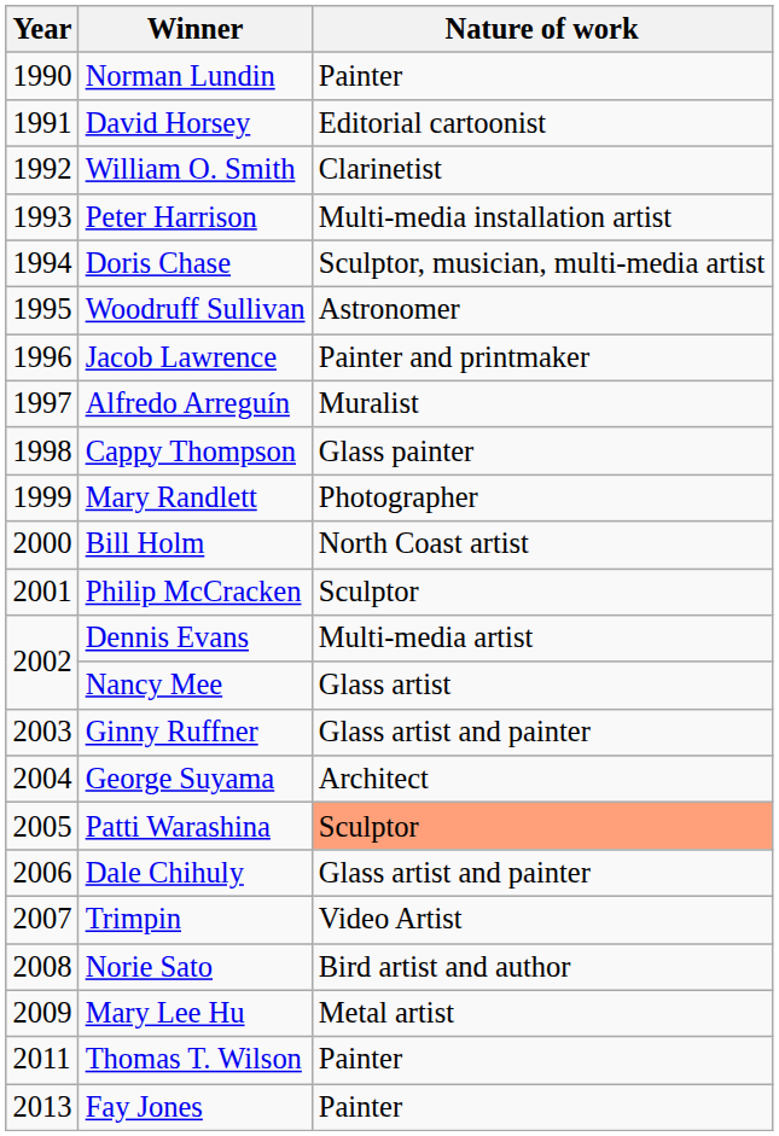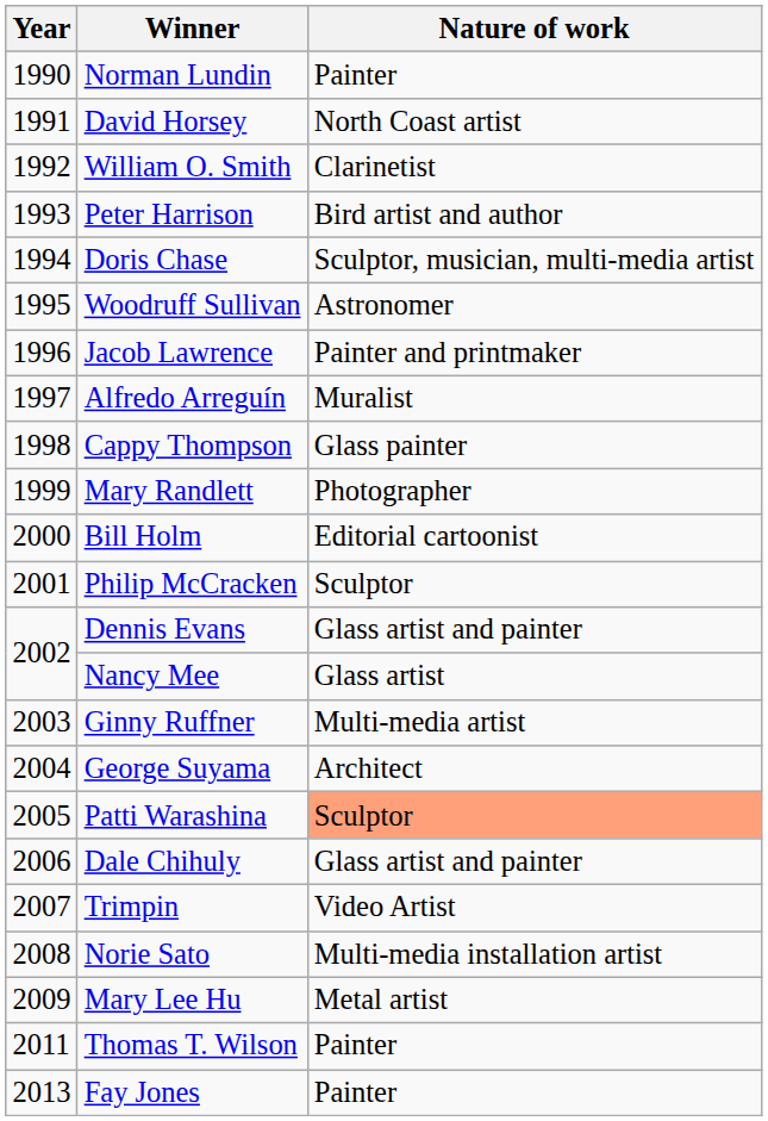 <table class="wikitable">
 <tr>
 <th>Year</th>
 <th>Winner</th>
 <th>Nature of work</th>
 </tr>
 <tr>
 <td>1990</td>
 <td><a href='#'>Norman Lundin</a></td>
 <td>Painter</td>
 </tr>
 <tr>
 <td>1991</td>
 <td><a href='#'>David Horsey</a></td>
-<td>Editorial cartoonist</td>
+<td>North Coast artist</td>
 </tr>
 <tr>
 <td>1992</td>
 <td><a href='#'>William O. Smith</a></td>
 <td>Clarinetist</td>
 </tr>
 <tr>
 <td>1993</td>
 <td><a href='#'>Peter Harrison</a></td>
-<td>Multi-media installation artist</td>
+<td>Bird artist and author</td>
 </tr>
 <tr>
 <td>1994</td>
 <td><a href='#'>Doris Chase</a></td>
 <td>Sculptor, musician, multi-media artist</td>
 </tr>
 <tr>
 <td>1995</td>
 <td><a href='#'>Woodruff Sullivan</a></td>
 <td>Astronomer</td>
 </tr>
 <tr>
 <td>1996</td>
 <td><a href='#'>Jacob Lawrence</a></td>
 <td>Painter and printmaker</td>
 </tr>
 <tr>
 <td>1997</td>
 <td><a href='#'>Alfredo Arreguín</a></td>
 <td>Muralist</td>
 </tr>
 <tr>
 <td>1998</td>
 <td><a href='#'>Cappy Thompson</a></td>
 <td>Glass painter</td>
 </tr>
 <tr>
 <td>1999</td>
 <td><a href='#'>Mary Randlett</a></td>
 <td>Photographer</td>
 </tr>
 <tr>
 <td>2000</td>
 <td><a href='#'>Bill Holm</a></td>
-<td>North Coast artist</td>
+<td>Editorial cartoonist</td>
 </tr>
 <tr>
 <td>2001</td>
 <td><a href='#'>Philip McCracken</a></td>
 <td>Sculptor</td>
 </tr>
 <tr>
 <td rowspan=2>2002</td>
 <td><a href='#'>Dennis Evans</a></td>
-<td>Multi-media artist</td>
+<td>Glass artist and painter</td>
 </tr>
 <tr>
 <td><a href='#'>Nancy Mee</a></td>
 <td>Glass artist</td>
 </tr>
 <tr>
 <td>2003</td>
 <td><a href='#'>Ginny Ruffner</a></td>
-<td>Glass artist and painter</td>
+<td>Multi-media artist</td>
 </tr>
 <tr>
 <td>2004</td>
 <td><a href='#'>George Suyama</a></td>
 <td>Architect</td>
 </tr>
 <tr>
 <td>2005</td>
 <td><a href='#'>Patti Warashina</a></td>
 <td style="background: lightsalmon;">Sculptor</td>
 </tr>
 <tr>
 <td>2006</td>
 <td><a href='#'>Dale Chihuly</a></td>
 <td>Glass artist and painter</td>
 </tr>
 <tr>
 <td>2007</td>
 <td><a href='#'>Trimpin</a></td>
 <td>Video Artist</td>
 </tr>
 <tr>
 <td>2008</td>
 <td><a href='#'>Norie Sato</a></td>
-<td>Bird artist and author</td>
+<td>Multi-media installation artist</td>
 </tr>
 <tr>
 <td>2009</td>
 <td><a href='#'>Mary Lee Hu</a></td>
 <td>Metal artist</td>
 </tr>
 <tr>
 <td>2011</td>
 <td><a href='#'>Thomas T. Wilson</a></td>
 <td>Painter</td>
 </tr>
 <tr>
 <td>2013</td>
 <td><a href='#'>Fay Jones</a></td>
 <td>Painter</td>
 </tr>
 </table>
